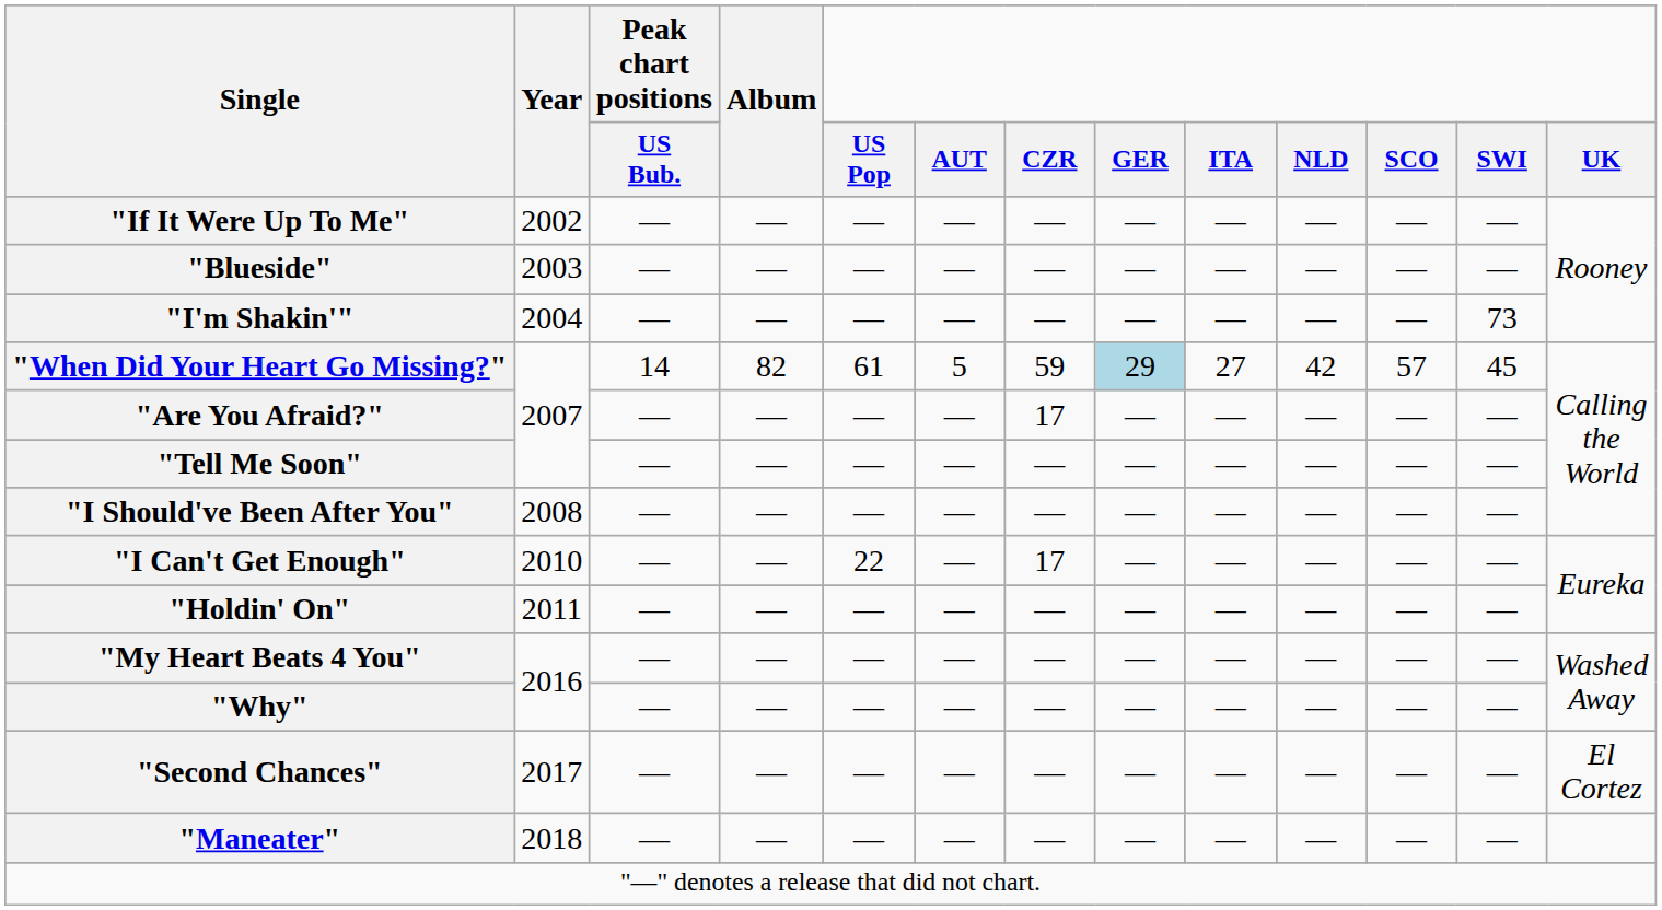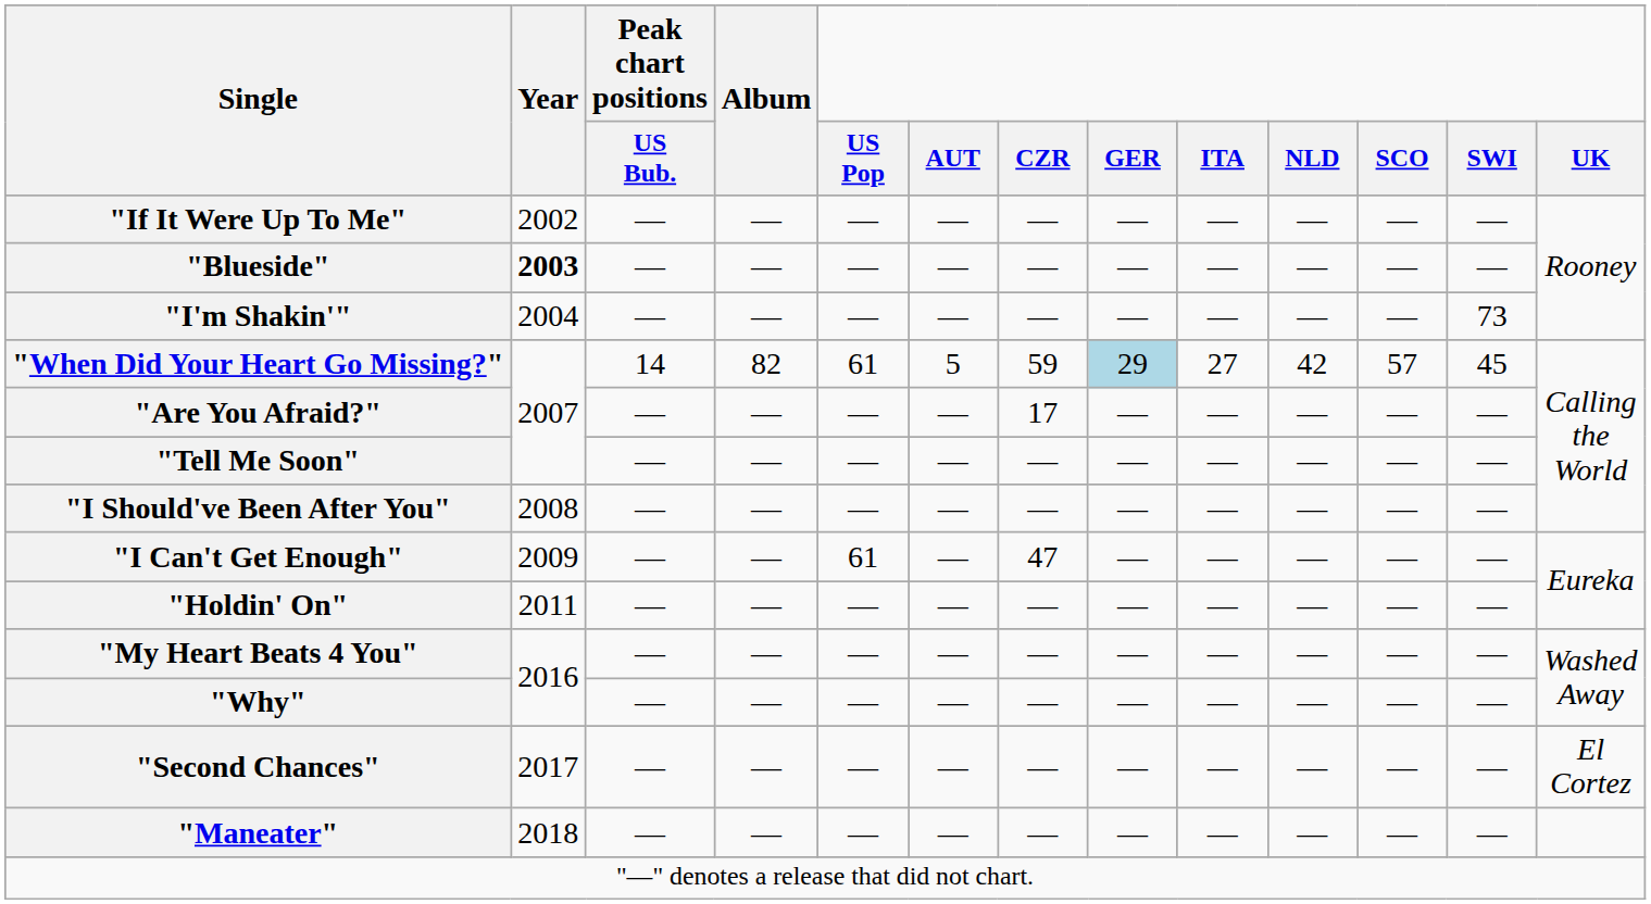 <table class="wikitable plainrowheaders" style="text-align:center;">
 <tr>
 <th rowspan="2">Single</th>
 <th rowspan="2">Year</th>
 <th colspan="1">Peak chart positions</th>
 <th rowspan="2">Album</th>
 </tr>
 <tr>
 <th style="width:3em;font-size:85%"><a href='#'>US<br>Bub.</a><br></th>
 <th style="width:3em;font-size:85%"><a href='#'>US<br>Pop</a><br></th>
 <th style="width:3em;font-size:85%"><a href='#'>AUT</a><br></th>
 <th style="width:3em;font-size:85%"><a href='#'>CZR</a><br></th>
 <th style="width:3em;font-size:85%"><a href='#'>GER</a><br></th>
 <th style="width:3em;font-size:85%"><a href='#'>ITA</a><br></th>
 <th style="width:3em;font-size:85%"><a href='#'>NLD</a><br></th>
 <th style="width:3em;font-size:85%"><a href='#'>SCO</a><br></th>
 <th style="width:3em;font-size:85%"><a href='#'>SWI</a><br></th>
 <th style="width:3em;font-size:85%"><a href='#'>UK</a><br></th>
 </tr>
 <tr>
 <th scope="row">"If It Were Up To Me"</th>
 <td>2002</td>
 <td>—</td>
 <td>—</td>
 <td>—</td>
 <td>—</td>
 <td>—</td>
 <td>—</td>
 <td>—</td>
 <td>—</td>
 <td>—</td>
 <td>—</td>
 <td rowspan="3"><em>Rooney</em></td>
 </tr>
 <tr>
 <th scope="row">"Blueside"</th>
-<td>2003</td>
+<td><strong>2003</strong></td>
 <td>—</td>
 <td>—</td>
 <td>—</td>
 <td>—</td>
 <td>—</td>
 <td>—</td>
 <td>—</td>
 <td>—</td>
 <td>—</td>
 <td>—</td>
 </tr>
 <tr>
 <th scope="row">"I'm Shakin'"</th>
 <td>2004</td>
 <td>—</td>
 <td>—</td>
 <td>—</td>
 <td>—</td>
 <td>—</td>
 <td>—</td>
 <td>—</td>
 <td>—</td>
 <td>—</td>
 <td>73</td>
 </tr>
 <tr>
 <th scope="row">"<a href='#'>When Did Your Heart Go Missing?</a>"</th>
 <td rowspan="3">2007</td>
 <td>14</td>
 <td>82</td>
 <td>61</td>
 <td>5</td>
 <td>59</td>
 <td style="background: lightblue;">29</td>
 <td>27</td>
 <td>42</td>
 <td>57</td>
 <td>45</td>
 <td rowspan="4"><em>Calling the World</em></td>
 </tr>
 <tr>
 <th scope="row">"Are You Afraid?"</th>
 <td>—</td>
 <td>—</td>
 <td>—</td>
 <td>—</td>
 <td>17</td>
 <td>—</td>
 <td>—</td>
 <td>—</td>
 <td>—</td>
 <td>—</td>
 </tr>
 <tr>
 <th scope="row">"Tell Me Soon"</th>
 <td>—</td>
 <td>—</td>
 <td>—</td>
 <td>—</td>
 <td>—</td>
 <td>—</td>
 <td>—</td>
 <td>—</td>
 <td>—</td>
 <td>—</td>
 </tr>
 <tr>
 <th scope="row">"I Should've Been After You"</th>
 <td>2008</td>
 <td>—</td>
 <td>—</td>
 <td>—</td>
 <td>—</td>
 <td>—</td>
 <td>—</td>
 <td>—</td>
 <td>—</td>
 <td>—</td>
 <td>—</td>
 </tr>
 <tr>
 <th scope="row">"I Can't Get Enough"</th>
-<td>2010</td>
+<td>2009</td>
 <td>—</td>
 <td>—</td>
-<td>22</td>
+<td>61</td>
 <td>—</td>
-<td>17</td>
+<td>47</td>
 <td>—</td>
 <td>—</td>
 <td>—</td>
 <td>—</td>
 <td>—</td>
 <td rowspan="2"><em>Eureka</em></td>
 </tr>
 <tr>
 <th scope="row">"Holdin' On"</th>
 <td>2011</td>
 <td>—</td>
 <td>—</td>
 <td>—</td>
 <td>—</td>
 <td>—</td>
 <td>—</td>
 <td>—</td>
 <td>—</td>
 <td>—</td>
 <td>—</td>
 </tr>
 <tr>
 <th scope="row">"My Heart Beats 4 You"</th>
 <td rowspan="2">2016</td>
 <td>—</td>
 <td>—</td>
 <td>—</td>
 <td>—</td>
 <td>—</td>
 <td>—</td>
 <td>—</td>
 <td>—</td>
 <td>—</td>
 <td>—</td>
 <td rowspan="2"><em>Washed Away</em></td>
 </tr>
 <tr>
 <th scope="row">"Why" </th>
 <td>—</td>
 <td>—</td>
 <td>—</td>
 <td>—</td>
 <td>—</td>
 <td>—</td>
 <td>—</td>
 <td>—</td>
 <td>—</td>
 <td>—</td>
 </tr>
 <tr>
 <th scope="row">"Second Chances"</th>
 <td>2017</td>
 <td>—</td>
 <td>—</td>
 <td>—</td>
 <td>—</td>
 <td>—</td>
 <td>—</td>
 <td>—</td>
 <td>—</td>
 <td>—</td>
 <td>—</td>
 <td><em>El Cortez</em></td>
 </tr>
 <tr>
 <th scope="row">"<a href='#'>Maneater</a>"</th>
 <td>2018</td>
 <td>—</td>
 <td>—</td>
 <td>—</td>
 <td>—</td>
 <td>—</td>
 <td>—</td>
 <td>—</td>
 <td>—</td>
 <td>—</td>
 <td>—</td>
 <td></td>
 </tr>
 <tr>
 <td colspan="18" style="font-size:85%;">"—" denotes a release that did not chart.</td>
 </tr>
 </table>
